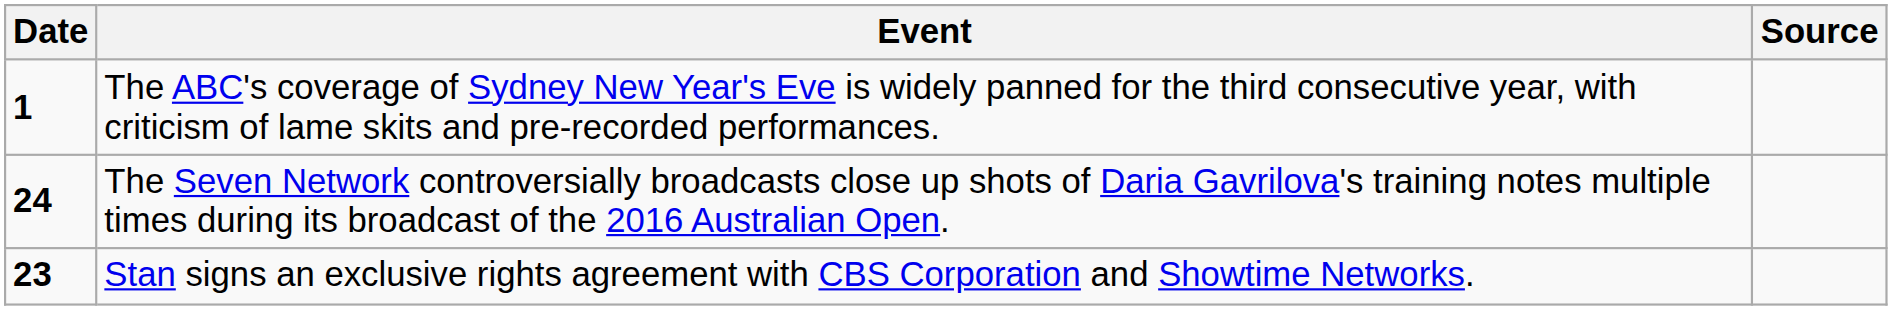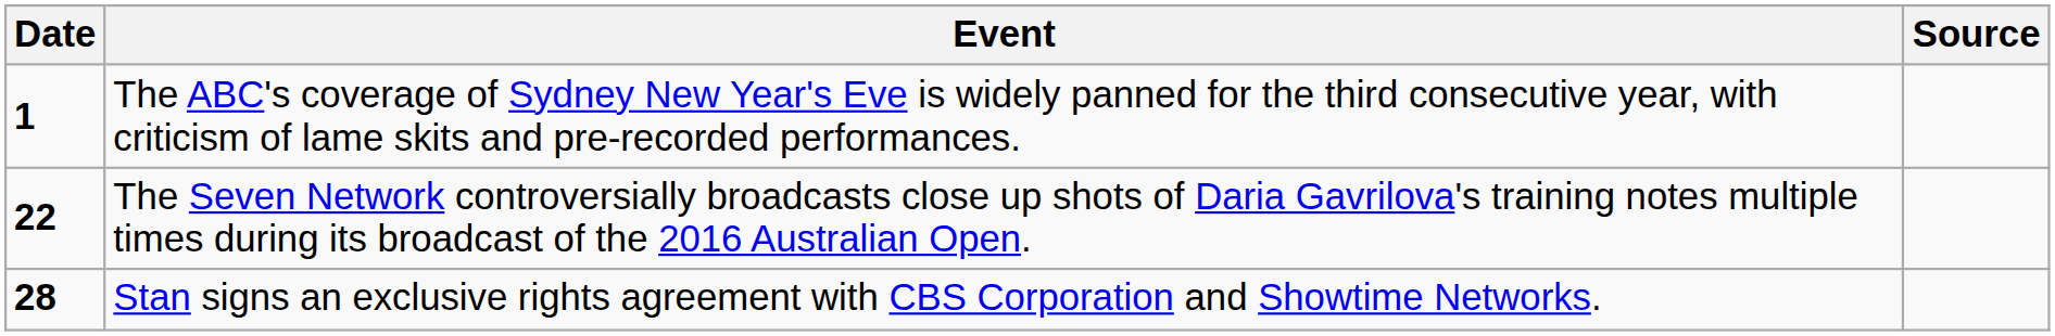 <table class="wikitable">
 <tr>
 <th>Date</th>
 <th>Event</th>
 <th>Source</th>
 </tr>
 <tr>
 <td><strong>1</strong></td>
 <td>The <a href='#'>ABC</a>'s coverage of <a href='#'>Sydney New Year's Eve</a> is widely panned for the third consecutive year, with criticism of lame skits and pre-recorded performances.</td>
 <td></td>
 </tr>
 <tr>
-<td><strong>24</strong></td>
+<td><strong>22</strong></td>
 <td>The <a href='#'>Seven Network</a> controversially broadcasts close up shots of <a href='#'>Daria Gavrilova</a>'s training notes multiple times during its broadcast of the <a href='#'>2016 Australian Open</a>.</td>
 <td></td>
 </tr>
 <tr>
-<td><strong>23</strong></td>
+<td><strong>28</strong></td>
 <td><a href='#'>Stan</a> signs an exclusive rights agreement with <a href='#'>CBS Corporation</a> and <a href='#'>Showtime Networks</a>.</td>
 <td></td>
 </tr>
 </table>
